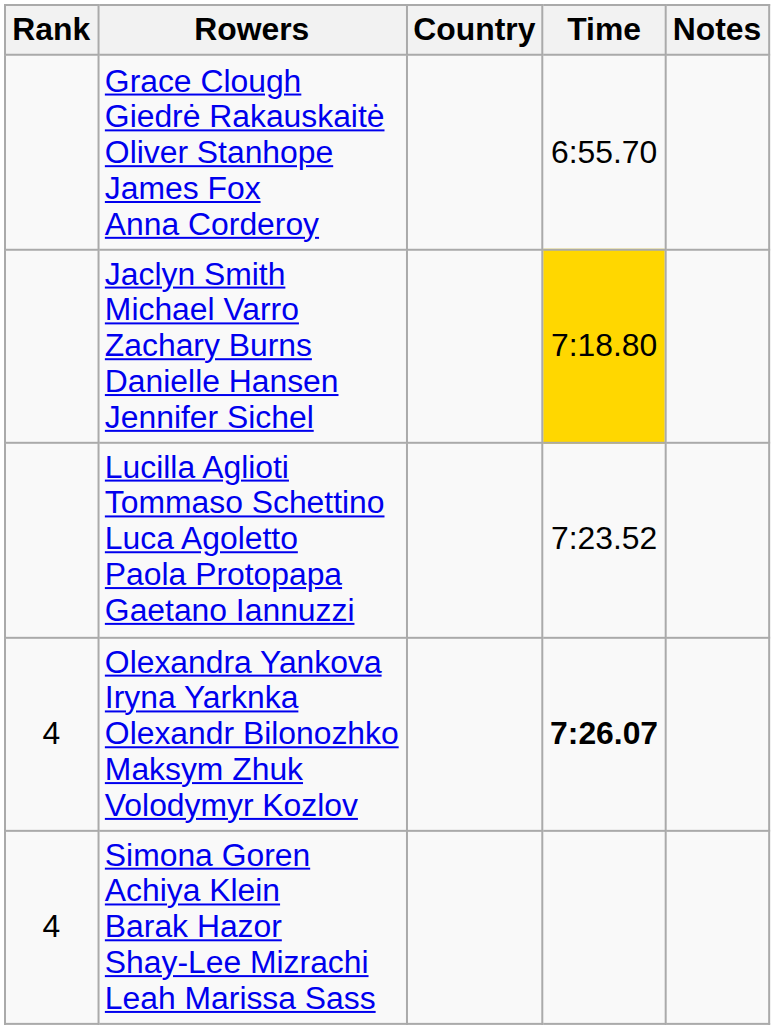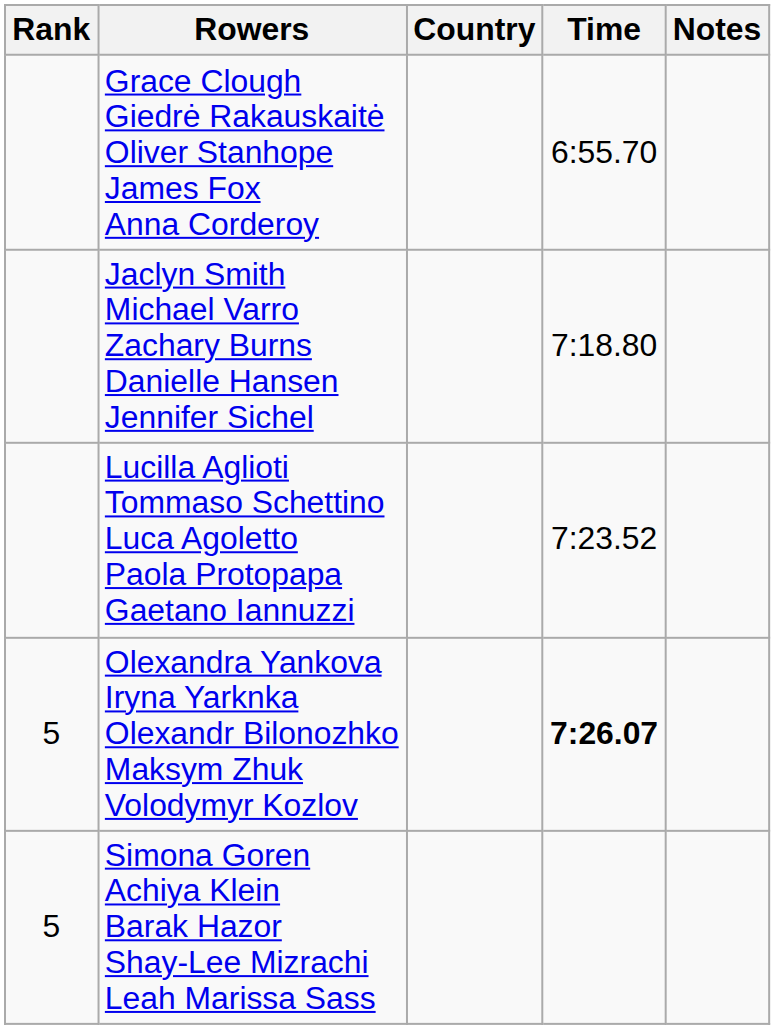 <table class="wikitable" style="text-align:center">
 <tr>
 <th>Rank</th>
 <th>Rowers</th>
 <th>Country</th>
 <th>Time</th>
 <th>Notes</th>
 </tr>
 <tr>
 <td></td>
 <td align="left"><a href='#'>Grace Clough</a><br><a href='#'>Giedrė Rakauskaitė</a><br><a href='#'>Oliver Stanhope</a><br><a href='#'>James Fox</a><br><a href='#'>Anna Corderoy</a></td>
 <td align="left"></td>
 <td>6:55.70</td>
 <td><strong></strong></td>
 </tr>
 <tr>
 <td></td>
 <td align="left"><a href='#'>Jaclyn Smith</a><br><a href='#'>Michael Varro</a><br><a href='#'>Zachary Burns</a><br><a href='#'>Danielle Hansen</a><br><a href='#'>Jennifer Sichel</a></td>
 <td align="left"></td>
-<td style="background: gold;">7:18.80</td>
+<td>7:18.80</td>
 <td></td>
 </tr>
 <tr>
 <td></td>
 <td align="left"><a href='#'>Lucilla Aglioti</a><br><a href='#'>Tommaso Schettino</a><br><a href='#'>Luca Agoletto</a><br><a href='#'>Paola Protopapa</a><br><a href='#'>Gaetano Iannuzzi</a></td>
 <td align="left"></td>
 <td>7:23.52</td>
 <td></td>
 </tr>
 <tr>
-<td>4</td>
+<td>5</td>
 <td align="left"><a href='#'>Olexandra Yankova</a><br><a href='#'>Iryna Yarknka</a><br><a href='#'>Olexandr Bilonozhko</a><br><a href='#'>Maksym Zhuk</a><br><a href='#'>Volodymyr Kozlov</a></td>
 <td align="left"></td>
 <td><strong>7:26.07</strong></td>
 <td></td>
 </tr>
 <tr>
-<td>4</td>
+<td>5</td>
 <td align="left"><a href='#'>Simona Goren</a><br><a href='#'>Achiya Klein</a><br><a href='#'>Barak Hazor</a><br><a href='#'>Shay-Lee Mizrachi</a><br><a href='#'>Leah Marissa Sass</a></td>
 <td align="left"></td>
 <td></td>
 <td></td>
 </tr>
 </table>
